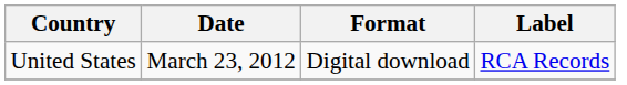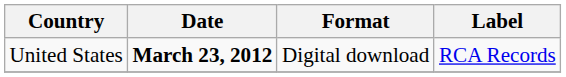 <table class="wikitable">
 <tr>
 <th>Country</th>
 <th>Date</th>
 <th>Format</th>
 <th>Label</th>
 </tr>
 <tr>
 <td>United States</td>
-<td rowspan="1">March 23, 2012</td>
+<td rowspan="1"><strong>March 23, 2012</strong></td>
 <td rowspan="1">Digital download</td>
 <td rowspan="1"><a href='#'>RCA Records</a></td>
 </tr>
 <tr>
 </tr>
 </table>
